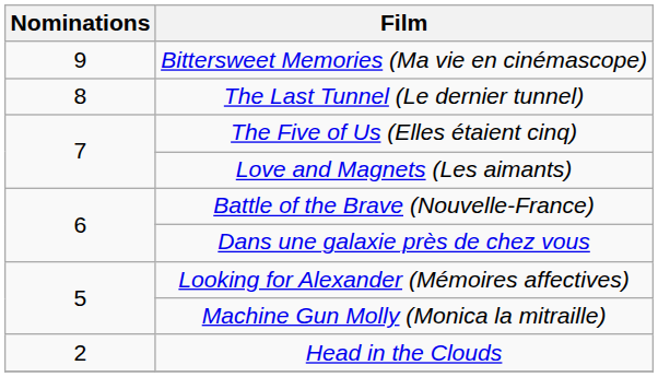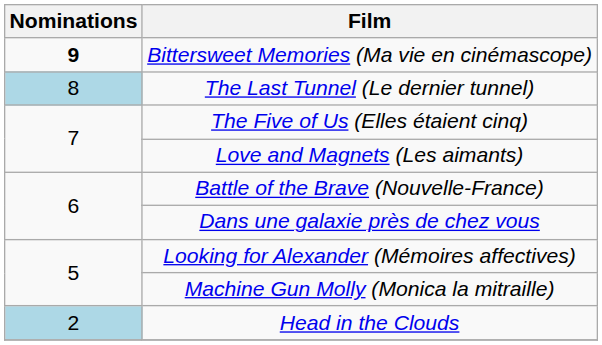 <table class="wikitable" style="text-align:center;">
 <tr>
 <th scope="col" width="17">Nominations</th>
 <th scope="col" align="center">Film</th>
 </tr>
 <tr>
-<td rowspan="1" style="text-align:center;">9</td>
+<td rowspan="1" style="text-align:center;"><strong>9</strong></td>
 <td><em><a href='#'>Bittersweet Memories</a> (Ma vie en cinémascope)</em></td>
 </tr>
 <tr>
-<td rowspan="1" style="text-align:center;">8</td>
+<td rowspan="1" style="background: lightblue; text-align:center;">8</td>
 <td><em><a href='#'>The Last Tunnel</a> (Le dernier tunnel)</em></td>
 </tr>
 <tr>
 <td rowspan="2" style="text-align:center;">7</td>
 <td><em><a href='#'>The Five of Us</a> (Elles étaient cinq)</em></td>
 </tr>
 <tr>
 <td><em><a href='#'>Love and Magnets</a> (Les aimants)</em></td>
 </tr>
 <tr>
 <td rowspan="2" style="text-align:center;">6</td>
 <td><em><a href='#'>Battle of the Brave</a> (Nouvelle-France)</em></td>
 </tr>
 <tr>
 <td><em><a href='#'>Dans une galaxie près de chez vous</a></em></td>
 </tr>
 <tr>
 <td rowspan="2" style="text-align:center;">5</td>
 <td><em><a href='#'>Looking for Alexander</a> (Mémoires affectives)</em></td>
 </tr>
 <tr>
 <td><em><a href='#'>Machine Gun Molly</a> (Monica la mitraille)</em></td>
 </tr>
 <tr>
-<td rowspan="1" style="text-align:center;">2</td>
+<td rowspan="1" style="background: lightblue; text-align:center;">2</td>
 <td><em><a href='#'>Head in the Clouds</a></em></td>
 </tr>
 <tr>
 </tr>
 </table>
